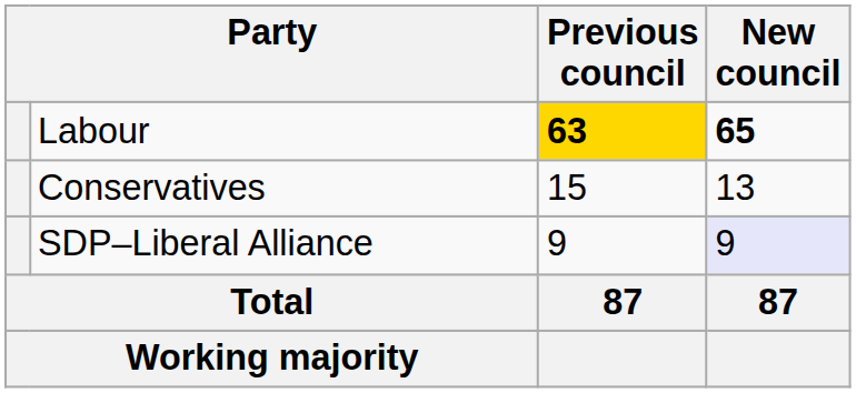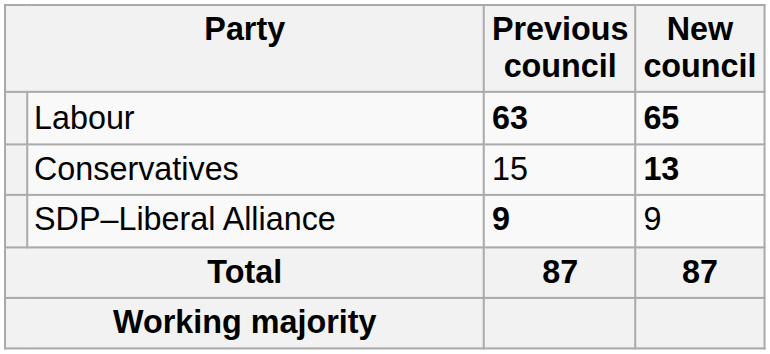 <table class="wikitable">
 <tr>
 <th valign=top colspan="2" style="width: 230px">Party</th>
 <th valign=top style="width: 30px">Previous council</th>
 <th valign=top style="width: 30px">New council</th>
 </tr>
 <tr>
 <th style="background-color: "></th>
 <td>Labour</td>
-<td style="background: gold;"><strong>63</strong></td>
+<td><strong>63</strong></td>
 <td><strong>65</strong></td>
 </tr>
 <tr>
 <th style="background-color: "></th>
 <td>Conservatives</td>
 <td>15</td>
-<td>13</td>
+<td><strong>13</strong></td>
 </tr>
 <tr>
 <th style="background-color: "></th>
 <td>SDP–Liberal Alliance</td>
+<td><strong>9</strong></td>
 <td>9</td>
-<td style="background: lavender;">9</td>
 </tr>
 <tr>
 <th colspan=2>Total</th>
 <th style="text-align: center">87</th>
 <th colspan=3>87</th>
 </tr>
 <tr>
 <th colspan=2>Working majority</th>
 <th></th>
 <th></th>
 </tr>
 </table>
